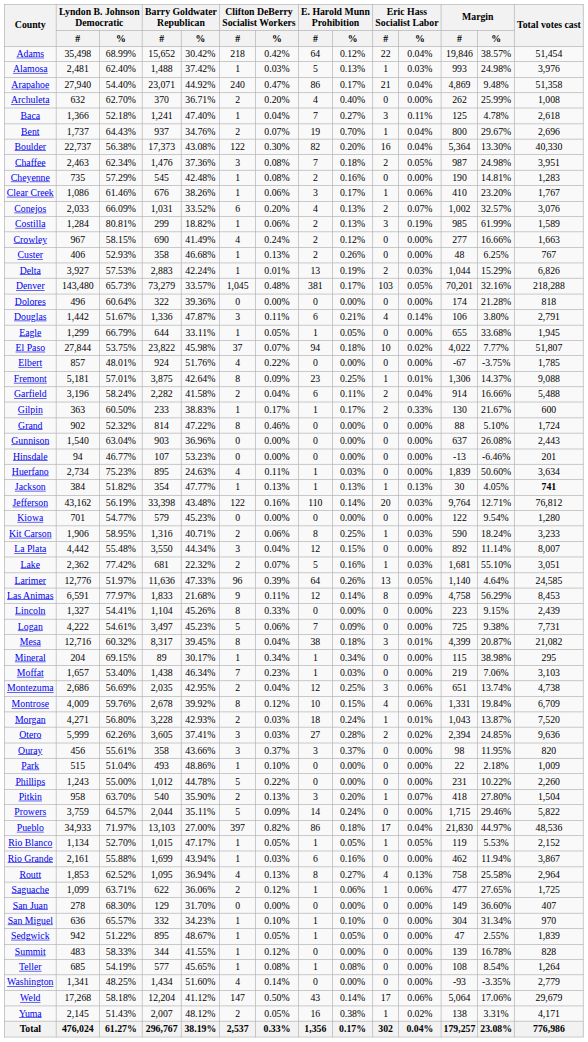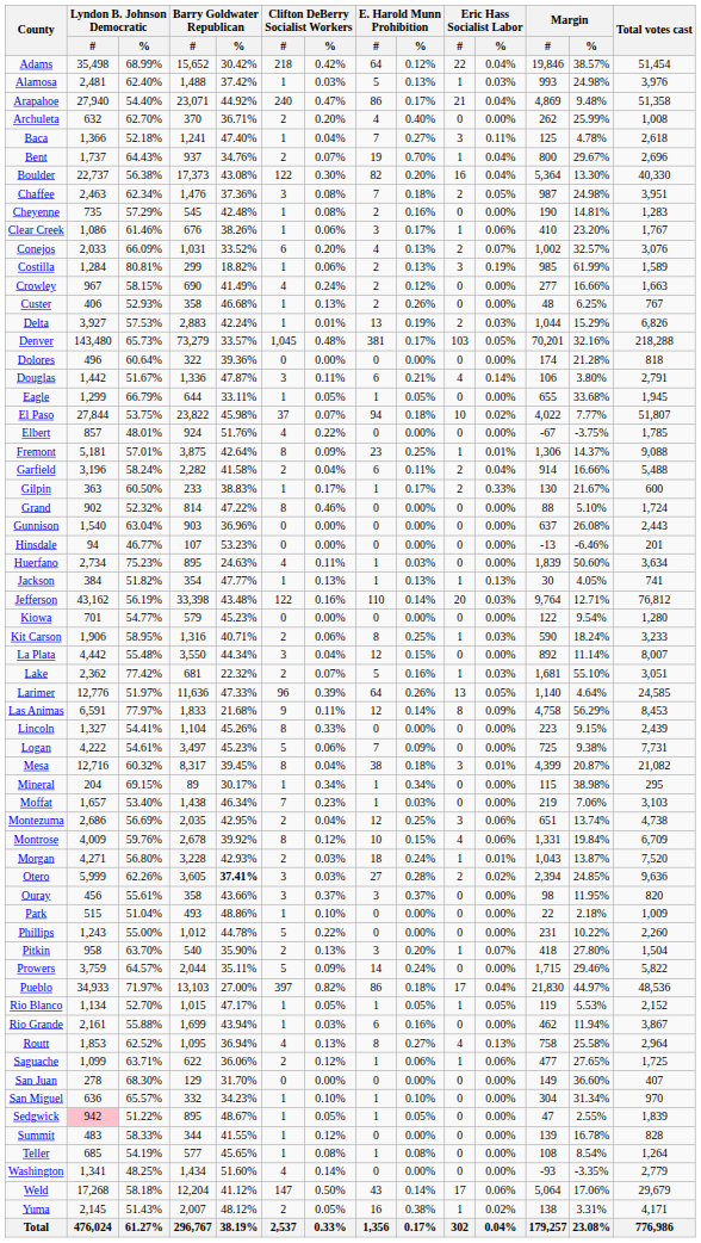 <table width="60%"  class="wikitable sortable" style="text-align:center">
 <tr>
 <th style="text-align:center;" rowspan="2">County</th>
 <th style="text-align:center;" colspan="2">Lyndon B. Johnson<br>Democratic</th>
 <th style="text-align:center;" colspan="2">Barry Goldwater<br>Republican</th>
 <th style="text-align:center;" colspan="2">Clifton DeBerry<br>Socialist Workers</th>
 <th style="text-align:center;" colspan="2">E. Harold Munn<br>Prohibition</th>
 <th style="text-align:center;" colspan="2">Eric Hass<br>Socialist Labor</th>
 <th style="text-align:center;" colspan="2">Margin</th>
 <th style="text-align:center;" rowspan="2">Total votes cast</th>
 </tr>
 <tr>
 <th style="text-align:center;" data-sort-type="number">#</th>
 <th style="text-align:center;" data-sort-type="number">%</th>
 <th style="text-align:center;" data-sort-type="number">#</th>
 <th style="text-align:center;" data-sort-type="number">%</th>
 <th style="text-align:center;" data-sort-type="number">#</th>
 <th style="text-align:center;" data-sort-type="number">%</th>
 <th style="text-align:center;" data-sort-type="number">#</th>
 <th style="text-align:center;" data-sort-type="number">%</th>
 <th style="text-align:center;" data-sort-type="number">#</th>
 <th style="text-align:center;" data-sort-type="number">%</th>
 <th style="text-align:center;" data-sort-type="number">#</th>
 <th style="text-align:center;" data-sort-type="number">%</th>
 </tr>
 <tr style="text-align:center;">
 <td><a href='#'>Adams</a></td>
 <td>35,498</td>
 <td>68.99%</td>
 <td>15,652</td>
 <td>30.42%</td>
 <td>218</td>
 <td>0.42%</td>
 <td>64</td>
 <td>0.12%</td>
 <td>22</td>
 <td>0.04%</td>
 <td>19,846</td>
 <td>38.57%</td>
 <td>51,454</td>
 </tr>
 <tr style="text-align:center;">
 <td><a href='#'>Alamosa</a></td>
 <td>2,481</td>
 <td>62.40%</td>
 <td>1,488</td>
 <td>37.42%</td>
 <td>1</td>
 <td>0.03%</td>
 <td>5</td>
 <td>0.13%</td>
 <td>1</td>
 <td>0.03%</td>
 <td>993</td>
 <td>24.98%</td>
 <td>3,976</td>
 </tr>
 <tr style="text-align:center;">
 <td><a href='#'>Arapahoe</a></td>
 <td>27,940</td>
 <td>54.40%</td>
 <td>23,071</td>
 <td>44.92%</td>
 <td>240</td>
 <td>0.47%</td>
 <td>86</td>
 <td>0.17%</td>
 <td>21</td>
 <td>0.04%</td>
 <td>4,869</td>
 <td>9.48%</td>
 <td>51,358</td>
 </tr>
 <tr style="text-align:center;">
 <td><a href='#'>Archuleta</a></td>
 <td>632</td>
 <td>62.70%</td>
 <td>370</td>
 <td>36.71%</td>
 <td>2</td>
 <td>0.20%</td>
 <td>4</td>
 <td>0.40%</td>
 <td>0</td>
 <td>0.00%</td>
 <td>262</td>
 <td>25.99%</td>
 <td>1,008</td>
 </tr>
 <tr style="text-align:center;">
 <td><a href='#'>Baca</a></td>
 <td>1,366</td>
 <td>52.18%</td>
 <td>1,241</td>
 <td>47.40%</td>
 <td>1</td>
 <td>0.04%</td>
 <td>7</td>
 <td>0.27%</td>
 <td>3</td>
 <td>0.11%</td>
 <td>125</td>
 <td>4.78%</td>
 <td>2,618</td>
 </tr>
 <tr style="text-align:center;">
 <td><a href='#'>Bent</a></td>
 <td>1,737</td>
 <td>64.43%</td>
 <td>937</td>
 <td>34.76%</td>
 <td>2</td>
 <td>0.07%</td>
 <td>19</td>
 <td>0.70%</td>
 <td>1</td>
 <td>0.04%</td>
 <td>800</td>
 <td>29.67%</td>
 <td>2,696</td>
 </tr>
 <tr style="text-align:center;">
 <td><a href='#'>Boulder</a></td>
 <td>22,737</td>
 <td>56.38%</td>
 <td>17,373</td>
 <td>43.08%</td>
 <td>122</td>
 <td>0.30%</td>
 <td>82</td>
 <td>0.20%</td>
 <td>16</td>
 <td>0.04%</td>
 <td>5,364</td>
 <td>13.30%</td>
 <td>40,330</td>
 </tr>
 <tr style="text-align:center;">
 <td><a href='#'>Chaffee</a></td>
 <td>2,463</td>
 <td>62.34%</td>
 <td>1,476</td>
 <td>37.36%</td>
 <td>3</td>
 <td>0.08%</td>
 <td>7</td>
 <td>0.18%</td>
 <td>2</td>
 <td>0.05%</td>
 <td>987</td>
 <td>24.98%</td>
 <td>3,951</td>
 </tr>
 <tr style="text-align:center;">
 <td><a href='#'>Cheyenne</a></td>
 <td>735</td>
 <td>57.29%</td>
 <td>545</td>
 <td>42.48%</td>
 <td>1</td>
 <td>0.08%</td>
 <td>2</td>
 <td>0.16%</td>
 <td>0</td>
 <td>0.00%</td>
 <td>190</td>
 <td>14.81%</td>
 <td>1,283</td>
 </tr>
 <tr style="text-align:center;">
 <td><a href='#'>Clear Creek</a></td>
 <td>1,086</td>
 <td>61.46%</td>
 <td>676</td>
 <td>38.26%</td>
 <td>1</td>
 <td>0.06%</td>
 <td>3</td>
 <td>0.17%</td>
 <td>1</td>
 <td>0.06%</td>
 <td>410</td>
 <td>23.20%</td>
 <td>1,767</td>
 </tr>
 <tr style="text-align:center;">
 <td><a href='#'>Conejos</a></td>
 <td>2,033</td>
 <td>66.09%</td>
 <td>1,031</td>
 <td>33.52%</td>
 <td>6</td>
 <td>0.20%</td>
 <td>4</td>
 <td>0.13%</td>
 <td>2</td>
 <td>0.07%</td>
 <td>1,002</td>
 <td>32.57%</td>
 <td>3,076</td>
 </tr>
 <tr style="text-align:center;">
 <td><a href='#'>Costilla</a></td>
 <td>1,284</td>
 <td>80.81%</td>
 <td>299</td>
 <td>18.82%</td>
 <td>1</td>
 <td>0.06%</td>
 <td>2</td>
 <td>0.13%</td>
 <td>3</td>
 <td>0.19%</td>
 <td>985</td>
 <td>61.99%</td>
 <td>1,589</td>
 </tr>
 <tr style="text-align:center;">
 <td><a href='#'>Crowley</a></td>
 <td>967</td>
 <td>58.15%</td>
 <td>690</td>
 <td>41.49%</td>
 <td>4</td>
 <td>0.24%</td>
 <td>2</td>
 <td>0.12%</td>
 <td>0</td>
 <td>0.00%</td>
 <td>277</td>
 <td>16.66%</td>
 <td>1,663</td>
 </tr>
 <tr style="text-align:center;">
 <td><a href='#'>Custer</a></td>
 <td>406</td>
 <td>52.93%</td>
 <td>358</td>
 <td>46.68%</td>
 <td>1</td>
 <td>0.13%</td>
 <td>2</td>
 <td>0.26%</td>
 <td>0</td>
 <td>0.00%</td>
 <td>48</td>
 <td>6.25%</td>
 <td>767</td>
 </tr>
 <tr style="text-align:center;">
 <td><a href='#'>Delta</a></td>
 <td>3,927</td>
 <td>57.53%</td>
 <td>2,883</td>
 <td>42.24%</td>
 <td>1</td>
 <td>0.01%</td>
 <td>13</td>
 <td>0.19%</td>
 <td>2</td>
 <td>0.03%</td>
 <td>1,044</td>
 <td>15.29%</td>
 <td>6,826</td>
 </tr>
 <tr style="text-align:center;">
 <td><a href='#'>Denver</a></td>
 <td>143,480</td>
 <td>65.73%</td>
 <td>73,279</td>
 <td>33.57%</td>
 <td>1,045</td>
 <td>0.48%</td>
 <td>381</td>
 <td>0.17%</td>
 <td>103</td>
 <td>0.05%</td>
 <td>70,201</td>
 <td>32.16%</td>
 <td>218,288</td>
 </tr>
 <tr style="text-align:center;">
 <td><a href='#'>Dolores</a></td>
 <td>496</td>
 <td>60.64%</td>
 <td>322</td>
 <td>39.36%</td>
 <td>0</td>
 <td>0.00%</td>
 <td>0</td>
 <td>0.00%</td>
 <td>0</td>
 <td>0.00%</td>
 <td>174</td>
 <td>21.28%</td>
 <td>818</td>
 </tr>
 <tr style="text-align:center;">
 <td><a href='#'>Douglas</a></td>
 <td>1,442</td>
 <td>51.67%</td>
 <td>1,336</td>
 <td>47.87%</td>
 <td>3</td>
 <td>0.11%</td>
 <td>6</td>
 <td>0.21%</td>
 <td>4</td>
 <td>0.14%</td>
 <td>106</td>
 <td>3.80%</td>
 <td>2,791</td>
 </tr>
 <tr style="text-align:center;">
 <td><a href='#'>Eagle</a></td>
 <td>1,299</td>
 <td>66.79%</td>
 <td>644</td>
 <td>33.11%</td>
 <td>1</td>
 <td>0.05%</td>
 <td>1</td>
 <td>0.05%</td>
 <td>0</td>
 <td>0.00%</td>
 <td>655</td>
 <td>33.68%</td>
 <td>1,945</td>
 </tr>
 <tr style="text-align:center;">
 <td><a href='#'>El Paso</a></td>
 <td>27,844</td>
 <td>53.75%</td>
 <td>23,822</td>
 <td>45.98%</td>
 <td>37</td>
 <td>0.07%</td>
 <td>94</td>
 <td>0.18%</td>
 <td>10</td>
 <td>0.02%</td>
 <td>4,022</td>
 <td>7.77%</td>
 <td>51,807</td>
 </tr>
 <tr style="text-align:center;">
 <td><a href='#'>Elbert</a></td>
 <td>857</td>
 <td>48.01%</td>
 <td>924</td>
 <td>51.76%</td>
 <td>4</td>
 <td>0.22%</td>
 <td>0</td>
 <td>0.00%</td>
 <td>0</td>
 <td>0.00%</td>
 <td>-67</td>
 <td>-3.75%</td>
 <td>1,785</td>
 </tr>
 <tr style="text-align:center;">
 <td><a href='#'>Fremont</a></td>
 <td>5,181</td>
 <td>57.01%</td>
 <td>3,875</td>
 <td>42.64%</td>
 <td>8</td>
 <td>0.09%</td>
 <td>23</td>
 <td>0.25%</td>
 <td>1</td>
 <td>0.01%</td>
 <td>1,306</td>
 <td>14.37%</td>
 <td>9,088</td>
 </tr>
 <tr style="text-align:center;">
 <td><a href='#'>Garfield</a></td>
 <td>3,196</td>
 <td>58.24%</td>
 <td>2,282</td>
 <td>41.58%</td>
 <td>2</td>
 <td>0.04%</td>
 <td>6</td>
 <td>0.11%</td>
 <td>2</td>
 <td>0.04%</td>
 <td>914</td>
 <td>16.66%</td>
 <td>5,488</td>
 </tr>
 <tr style="text-align:center;">
 <td><a href='#'>Gilpin</a></td>
 <td>363</td>
 <td>60.50%</td>
 <td>233</td>
 <td>38.83%</td>
 <td>1</td>
 <td>0.17%</td>
 <td>1</td>
 <td>0.17%</td>
 <td>2</td>
 <td>0.33%</td>
 <td>130</td>
 <td>21.67%</td>
 <td>600</td>
 </tr>
 <tr style="text-align:center;">
 <td><a href='#'>Grand</a></td>
 <td>902</td>
 <td>52.32%</td>
 <td>814</td>
 <td>47.22%</td>
 <td>8</td>
 <td>0.46%</td>
 <td>0</td>
 <td>0.00%</td>
 <td>0</td>
 <td>0.00%</td>
 <td>88</td>
 <td>5.10%</td>
 <td>1,724</td>
 </tr>
 <tr style="text-align:center;">
 <td><a href='#'>Gunnison</a></td>
 <td>1,540</td>
 <td>63.04%</td>
 <td>903</td>
 <td>36.96%</td>
 <td>0</td>
 <td>0.00%</td>
 <td>0</td>
 <td>0.00%</td>
 <td>0</td>
 <td>0.00%</td>
 <td>637</td>
 <td>26.08%</td>
 <td>2,443</td>
 </tr>
 <tr style="text-align:center;">
 <td><a href='#'>Hinsdale</a></td>
 <td>94</td>
 <td>46.77%</td>
 <td>107</td>
 <td>53.23%</td>
 <td>0</td>
 <td>0.00%</td>
 <td>0</td>
 <td>0.00%</td>
 <td>0</td>
 <td>0.00%</td>
 <td>-13</td>
 <td>-6.46%</td>
 <td>201</td>
 </tr>
 <tr style="text-align:center;">
 <td><a href='#'>Huerfano</a></td>
 <td>2,734</td>
 <td>75.23%</td>
 <td>895</td>
 <td>24.63%</td>
 <td>4</td>
 <td>0.11%</td>
 <td>1</td>
 <td>0.03%</td>
 <td>0</td>
 <td>0.00%</td>
 <td>1,839</td>
 <td>50.60%</td>
 <td>3,634</td>
 </tr>
 <tr style="text-align:center;">
 <td><a href='#'>Jackson</a></td>
 <td>384</td>
 <td>51.82%</td>
 <td>354</td>
 <td>47.77%</td>
 <td>1</td>
 <td>0.13%</td>
 <td>1</td>
 <td>0.13%</td>
 <td>1</td>
 <td>0.13%</td>
 <td>30</td>
 <td>4.05%</td>
-<td><strong>741</strong></td>
+<td>741</td>
 </tr>
 <tr style="text-align:center;">
 <td><a href='#'>Jefferson</a></td>
 <td>43,162</td>
 <td>56.19%</td>
 <td>33,398</td>
 <td>43.48%</td>
 <td>122</td>
 <td>0.16%</td>
 <td>110</td>
 <td>0.14%</td>
 <td>20</td>
 <td>0.03%</td>
 <td>9,764</td>
 <td>12.71%</td>
 <td>76,812</td>
 </tr>
 <tr style="text-align:center;">
 <td><a href='#'>Kiowa</a></td>
 <td>701</td>
 <td>54.77%</td>
 <td>579</td>
 <td>45.23%</td>
 <td>0</td>
 <td>0.00%</td>
 <td>0</td>
 <td>0.00%</td>
 <td>0</td>
 <td>0.00%</td>
 <td>122</td>
 <td>9.54%</td>
 <td>1,280</td>
 </tr>
 <tr style="text-align:center;">
 <td><a href='#'>Kit Carson</a></td>
 <td>1,906</td>
 <td>58.95%</td>
 <td>1,316</td>
 <td>40.71%</td>
 <td>2</td>
 <td>0.06%</td>
 <td>8</td>
 <td>0.25%</td>
 <td>1</td>
 <td>0.03%</td>
 <td>590</td>
 <td>18.24%</td>
 <td>3,233</td>
 </tr>
 <tr style="text-align:center;">
 <td><a href='#'>La Plata</a></td>
 <td>4,442</td>
 <td>55.48%</td>
 <td>3,550</td>
 <td>44.34%</td>
 <td>3</td>
 <td>0.04%</td>
 <td>12</td>
 <td>0.15%</td>
 <td>0</td>
 <td>0.00%</td>
 <td>892</td>
 <td>11.14%</td>
 <td>8,007</td>
 </tr>
 <tr style="text-align:center;">
 <td><a href='#'>Lake</a></td>
 <td>2,362</td>
 <td>77.42%</td>
 <td>681</td>
 <td>22.32%</td>
 <td>2</td>
 <td>0.07%</td>
 <td>5</td>
 <td>0.16%</td>
 <td>1</td>
 <td>0.03%</td>
 <td>1,681</td>
 <td>55.10%</td>
 <td>3,051</td>
 </tr>
 <tr style="text-align:center;">
 <td><a href='#'>Larimer</a></td>
 <td>12,776</td>
 <td>51.97%</td>
 <td>11,636</td>
 <td>47.33%</td>
 <td>96</td>
 <td>0.39%</td>
 <td>64</td>
 <td>0.26%</td>
 <td>13</td>
 <td>0.05%</td>
 <td>1,140</td>
 <td>4.64%</td>
 <td>24,585</td>
 </tr>
 <tr style="text-align:center;">
 <td><a href='#'>Las Animas</a></td>
 <td>6,591</td>
 <td>77.97%</td>
 <td>1,833</td>
 <td>21.68%</td>
 <td>9</td>
 <td>0.11%</td>
 <td>12</td>
 <td>0.14%</td>
 <td>8</td>
 <td>0.09%</td>
 <td>4,758</td>
 <td>56.29%</td>
 <td>8,453</td>
 </tr>
 <tr style="text-align:center;">
 <td><a href='#'>Lincoln</a></td>
 <td>1,327</td>
 <td>54.41%</td>
 <td>1,104</td>
 <td>45.26%</td>
 <td>8</td>
 <td>0.33%</td>
 <td>0</td>
 <td>0.00%</td>
 <td>0</td>
 <td>0.00%</td>
 <td>223</td>
 <td>9.15%</td>
 <td>2,439</td>
 </tr>
 <tr style="text-align:center;">
 <td><a href='#'>Logan</a></td>
 <td>4,222</td>
 <td>54.61%</td>
 <td>3,497</td>
 <td>45.23%</td>
 <td>5</td>
 <td>0.06%</td>
 <td>7</td>
 <td>0.09%</td>
 <td>0</td>
 <td>0.00%</td>
 <td>725</td>
 <td>9.38%</td>
 <td>7,731</td>
 </tr>
 <tr style="text-align:center;">
 <td><a href='#'>Mesa</a></td>
 <td>12,716</td>
 <td>60.32%</td>
 <td>8,317</td>
 <td>39.45%</td>
 <td>8</td>
 <td>0.04%</td>
 <td>38</td>
 <td>0.18%</td>
 <td>3</td>
 <td>0.01%</td>
 <td>4,399</td>
 <td>20.87%</td>
 <td>21,082</td>
 </tr>
 <tr style="text-align:center;">
 <td><a href='#'>Mineral</a></td>
 <td>204</td>
 <td>69.15%</td>
 <td>89</td>
 <td>30.17%</td>
 <td>1</td>
 <td>0.34%</td>
 <td>1</td>
 <td>0.34%</td>
 <td>0</td>
 <td>0.00%</td>
 <td>115</td>
 <td>38.98%</td>
 <td>295</td>
 </tr>
 <tr style="text-align:center;">
 <td><a href='#'>Moffat</a></td>
 <td>1,657</td>
 <td>53.40%</td>
 <td>1,438</td>
 <td>46.34%</td>
 <td>7</td>
 <td>0.23%</td>
 <td>1</td>
 <td>0.03%</td>
 <td>0</td>
 <td>0.00%</td>
 <td>219</td>
 <td>7.06%</td>
 <td>3,103</td>
 </tr>
 <tr style="text-align:center;">
 <td><a href='#'>Montezuma</a></td>
 <td>2,686</td>
 <td>56.69%</td>
 <td>2,035</td>
 <td>42.95%</td>
 <td>2</td>
 <td>0.04%</td>
 <td>12</td>
 <td>0.25%</td>
 <td>3</td>
 <td>0.06%</td>
 <td>651</td>
 <td>13.74%</td>
 <td>4,738</td>
 </tr>
 <tr style="text-align:center;">
 <td><a href='#'>Montrose</a></td>
 <td>4,009</td>
 <td>59.76%</td>
 <td>2,678</td>
 <td>39.92%</td>
 <td>8</td>
 <td>0.12%</td>
 <td>10</td>
 <td>0.15%</td>
 <td>4</td>
 <td>0.06%</td>
 <td>1,331</td>
 <td>19.84%</td>
 <td>6,709</td>
 </tr>
 <tr style="text-align:center;">
 <td><a href='#'>Morgan</a></td>
 <td>4,271</td>
 <td>56.80%</td>
 <td>3,228</td>
 <td>42.93%</td>
 <td>2</td>
 <td>0.03%</td>
 <td>18</td>
 <td>0.24%</td>
 <td>1</td>
 <td>0.01%</td>
 <td>1,043</td>
 <td>13.87%</td>
 <td>7,520</td>
 </tr>
 <tr style="text-align:center;">
 <td><a href='#'>Otero</a></td>
 <td>5,999</td>
 <td>62.26%</td>
 <td>3,605</td>
-<td>37.41%</td>
+<td><strong>37.41%</strong></td>
 <td>3</td>
 <td>0.03%</td>
 <td>27</td>
 <td>0.28%</td>
 <td>2</td>
 <td>0.02%</td>
 <td>2,394</td>
 <td>24.85%</td>
 <td>9,636</td>
 </tr>
 <tr style="text-align:center;">
 <td><a href='#'>Ouray</a></td>
 <td>456</td>
 <td>55.61%</td>
 <td>358</td>
 <td>43.66%</td>
 <td>3</td>
 <td>0.37%</td>
 <td>3</td>
 <td>0.37%</td>
 <td>0</td>
 <td>0.00%</td>
 <td>98</td>
 <td>11.95%</td>
 <td>820</td>
 </tr>
 <tr style="text-align:center;">
 <td><a href='#'>Park</a></td>
 <td>515</td>
 <td>51.04%</td>
 <td>493</td>
 <td>48.86%</td>
 <td>1</td>
 <td>0.10%</td>
 <td>0</td>
 <td>0.00%</td>
 <td>0</td>
 <td>0.00%</td>
 <td>22</td>
 <td>2.18%</td>
 <td>1,009</td>
 </tr>
 <tr style="text-align:center;">
 <td><a href='#'>Phillips</a></td>
 <td>1,243</td>
 <td>55.00%</td>
 <td>1,012</td>
 <td>44.78%</td>
 <td>5</td>
 <td>0.22%</td>
 <td>0</td>
 <td>0.00%</td>
 <td>0</td>
 <td>0.00%</td>
 <td>231</td>
 <td>10.22%</td>
 <td>2,260</td>
 </tr>
 <tr style="text-align:center;">
 <td><a href='#'>Pitkin</a></td>
 <td>958</td>
 <td>63.70%</td>
 <td>540</td>
 <td>35.90%</td>
 <td>2</td>
 <td>0.13%</td>
 <td>3</td>
 <td>0.20%</td>
 <td>1</td>
 <td>0.07%</td>
 <td>418</td>
 <td>27.80%</td>
 <td>1,504</td>
 </tr>
 <tr style="text-align:center;">
 <td><a href='#'>Prowers</a></td>
 <td>3,759</td>
 <td>64.57%</td>
 <td>2,044</td>
 <td>35.11%</td>
 <td>5</td>
 <td>0.09%</td>
 <td>14</td>
 <td>0.24%</td>
 <td>0</td>
 <td>0.00%</td>
 <td>1,715</td>
 <td>29.46%</td>
 <td>5,822</td>
 </tr>
 <tr style="text-align:center;">
 <td><a href='#'>Pueblo</a></td>
 <td>34,933</td>
 <td>71.97%</td>
 <td>13,103</td>
 <td>27.00%</td>
 <td>397</td>
 <td>0.82%</td>
 <td>86</td>
 <td>0.18%</td>
 <td>17</td>
 <td>0.04%</td>
 <td>21,830</td>
 <td>44.97%</td>
 <td>48,536</td>
 </tr>
 <tr style="text-align:center;">
 <td><a href='#'>Rio Blanco</a></td>
 <td>1,134</td>
 <td>52.70%</td>
 <td>1,015</td>
 <td>47.17%</td>
 <td>1</td>
 <td>0.05%</td>
 <td>1</td>
 <td>0.05%</td>
 <td>1</td>
 <td>0.05%</td>
 <td>119</td>
 <td>5.53%</td>
 <td>2,152</td>
 </tr>
 <tr style="text-align:center;">
 <td><a href='#'>Rio Grande</a></td>
 <td>2,161</td>
 <td>55.88%</td>
 <td>1,699</td>
 <td>43.94%</td>
 <td>1</td>
 <td>0.03%</td>
 <td>6</td>
 <td>0.16%</td>
 <td>0</td>
 <td>0.00%</td>
 <td>462</td>
 <td>11.94%</td>
 <td>3,867</td>
 </tr>
 <tr style="text-align:center;">
 <td><a href='#'>Routt</a></td>
 <td>1,853</td>
 <td>62.52%</td>
 <td>1,095</td>
 <td>36.94%</td>
 <td>4</td>
 <td>0.13%</td>
 <td>8</td>
 <td>0.27%</td>
 <td>4</td>
 <td>0.13%</td>
 <td>758</td>
 <td>25.58%</td>
 <td>2,964</td>
 </tr>
 <tr style="text-align:center;">
 <td><a href='#'>Saguache</a></td>
 <td>1,099</td>
 <td>63.71%</td>
 <td>622</td>
 <td>36.06%</td>
 <td>2</td>
 <td>0.12%</td>
 <td>1</td>
 <td>0.06%</td>
 <td>1</td>
 <td>0.06%</td>
 <td>477</td>
 <td>27.65%</td>
 <td>1,725</td>
 </tr>
 <tr style="text-align:center;">
 <td><a href='#'>San Juan</a></td>
 <td>278</td>
 <td>68.30%</td>
 <td>129</td>
 <td>31.70%</td>
 <td>0</td>
 <td>0.00%</td>
 <td>0</td>
 <td>0.00%</td>
 <td>0</td>
 <td>0.00%</td>
 <td>149</td>
 <td>36.60%</td>
 <td>407</td>
 </tr>
 <tr style="text-align:center;">
 <td><a href='#'>San Miguel</a></td>
 <td>636</td>
 <td>65.57%</td>
 <td>332</td>
 <td>34.23%</td>
 <td>1</td>
 <td>0.10%</td>
 <td>1</td>
 <td>0.10%</td>
 <td>0</td>
 <td>0.00%</td>
 <td>304</td>
 <td>31.34%</td>
 <td>970</td>
 </tr>
 <tr style="text-align:center;">
 <td><a href='#'>Sedgwick</a></td>
-<td>942</td>
+<td style="background: pink;">942</td>
 <td>51.22%</td>
 <td>895</td>
 <td>48.67%</td>
 <td>1</td>
 <td>0.05%</td>
 <td>1</td>
 <td>0.05%</td>
 <td>0</td>
 <td>0.00%</td>
 <td>47</td>
 <td>2.55%</td>
 <td>1,839</td>
 </tr>
 <tr style="text-align:center;">
 <td><a href='#'>Summit</a></td>
 <td>483</td>
 <td>58.33%</td>
 <td>344</td>
 <td>41.55%</td>
 <td>1</td>
 <td>0.12%</td>
 <td>0</td>
 <td>0.00%</td>
 <td>0</td>
 <td>0.00%</td>
 <td>139</td>
 <td>16.78%</td>
 <td>828</td>
 </tr>
 <tr style="text-align:center;">
 <td><a href='#'>Teller</a></td>
 <td>685</td>
 <td>54.19%</td>
 <td>577</td>
 <td>45.65%</td>
 <td>1</td>
 <td>0.08%</td>
 <td>1</td>
 <td>0.08%</td>
 <td>0</td>
 <td>0.00%</td>
 <td>108</td>
 <td>8.54%</td>
 <td>1,264</td>
 </tr>
 <tr style="text-align:center;">
 <td><a href='#'>Washington</a></td>
 <td>1,341</td>
 <td>48.25%</td>
 <td>1,434</td>
 <td>51.60%</td>
 <td>4</td>
 <td>0.14%</td>
 <td>0</td>
 <td>0.00%</td>
 <td>0</td>
 <td>0.00%</td>
 <td>-93</td>
 <td>-3.35%</td>
 <td>2,779</td>
 </tr>
 <tr style="text-align:center;">
 <td><a href='#'>Weld</a></td>
 <td>17,268</td>
 <td>58.18%</td>
 <td>12,204</td>
 <td>41.12%</td>
 <td>147</td>
 <td>0.50%</td>
 <td>43</td>
 <td>0.14%</td>
 <td>17</td>
 <td>0.06%</td>
 <td>5,064</td>
 <td>17.06%</td>
 <td>29,679</td>
 </tr>
 <tr style="text-align:center;">
 <td><a href='#'>Yuma</a></td>
 <td>2,145</td>
 <td>51.43%</td>
 <td>2,007</td>
 <td>48.12%</td>
 <td>2</td>
 <td>0.05%</td>
 <td>16</td>
 <td>0.38%</td>
 <td>1</td>
 <td>0.02%</td>
 <td>138</td>
 <td>3.31%</td>
 <td>4,171</td>
 </tr>
 <tr>
 <th>Total</th>
 <th>476,024</th>
 <th>61.27%</th>
 <th>296,767</th>
 <th>38.19%</th>
 <th>2,537</th>
 <th>0.33%</th>
 <th>1,356</th>
 <th>0.17%</th>
 <th>302</th>
 <th>0.04%</th>
 <th>179,257</th>
 <th>23.08%</th>
 <th>776,986</th>
 </tr>
 </table>
